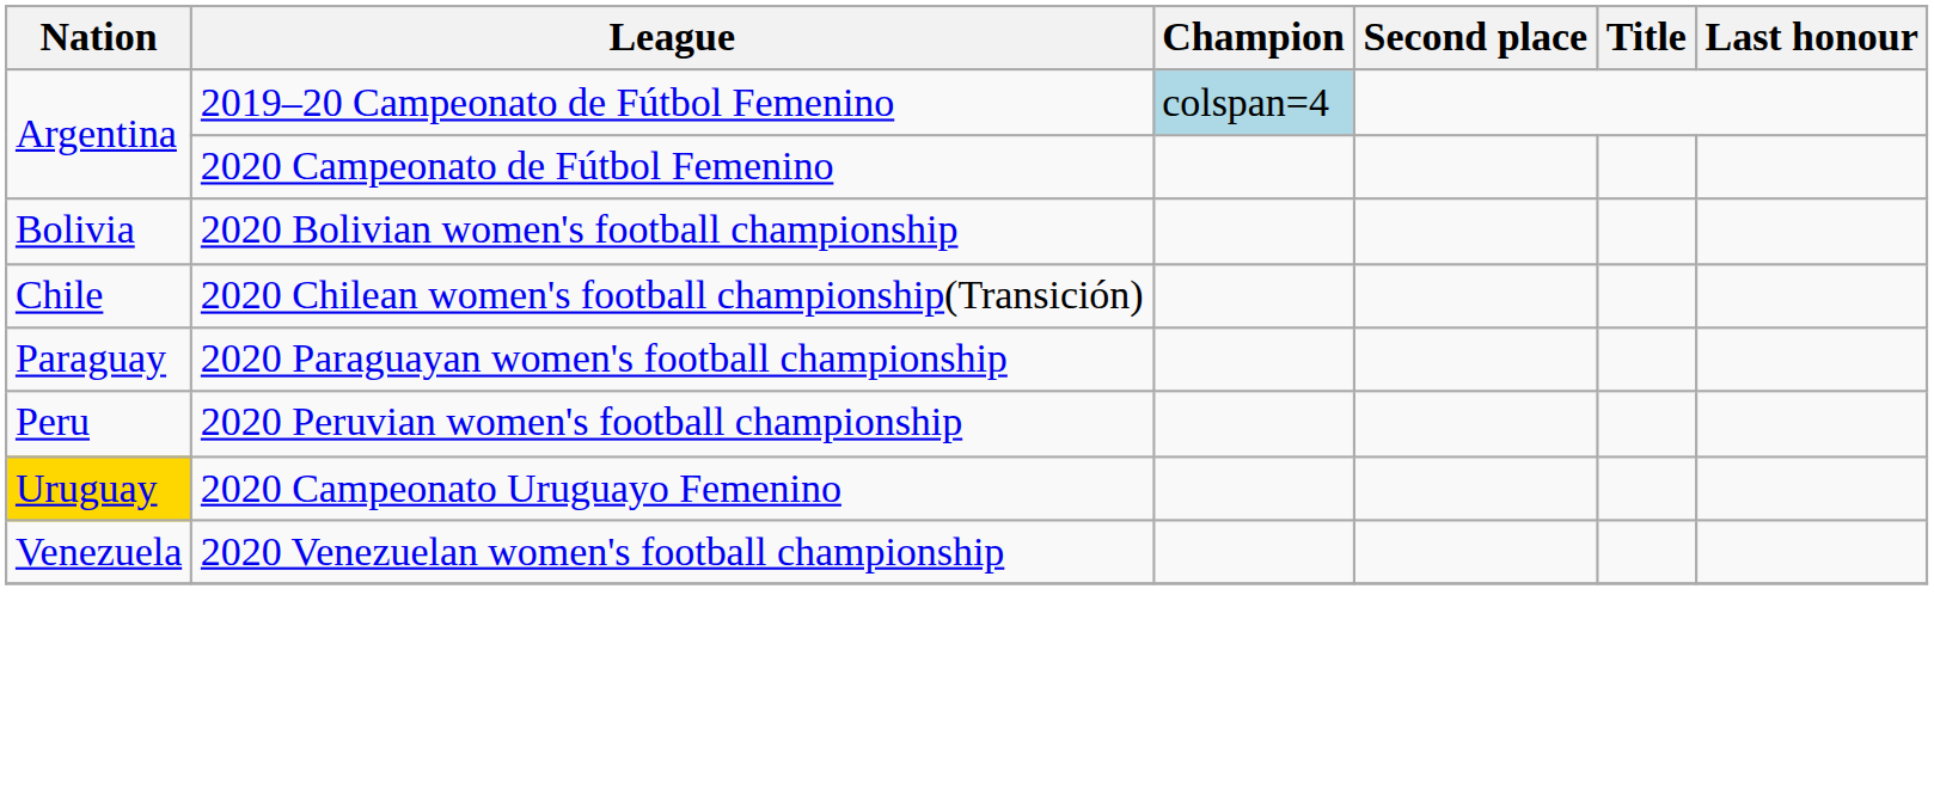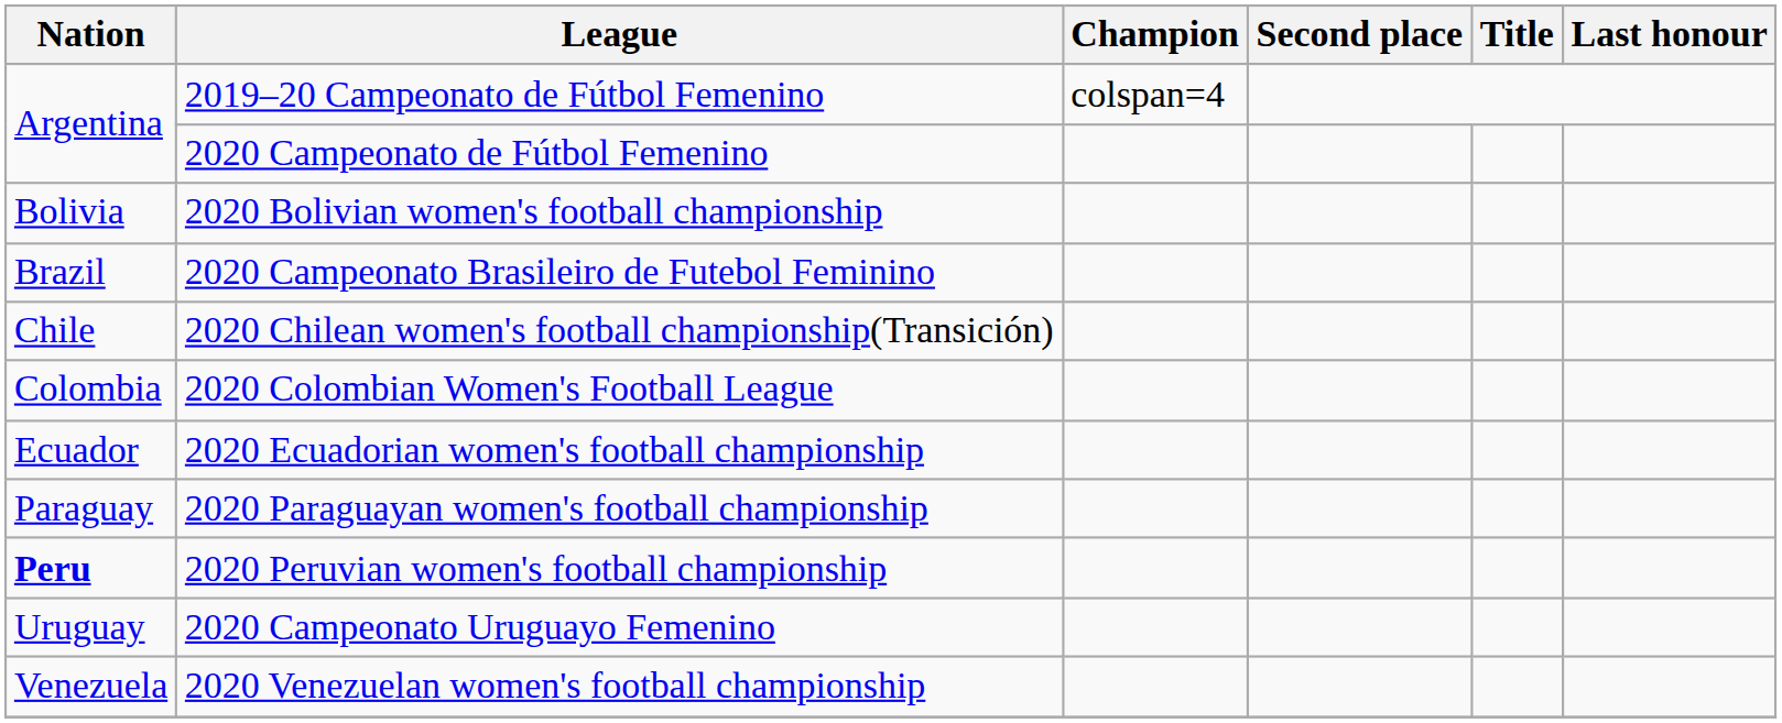 <table class="wikitable sortable">
 <tr>
 <th>Nation</th>
 <th>League</th>
 <th>Champion</th>
 <th>Second place</th>
 <th data-sort-type="number">Title</th>
 <th>Last honour</th>
 </tr>
 <tr>
 <td rowspan=2> <a href='#'>Argentina</a></td>
 <td><a href='#'>2019–20 Campeonato de Fútbol Femenino</a></td>
-<td style="background: lightblue;">colspan=4 </td>
+<td>colspan=4 </td>
 </tr>
 <tr>
 <td><a href='#'>2020 Campeonato de Fútbol Femenino</a></td>
 <td></td>
 <td></td>
 <td></td>
 <td></td>
 </tr>
 <tr>
 <td> <a href='#'>Bolivia</a></td>
 <td><a href='#'>2020 Bolivian women's football championship</a></td>
 <td></td>
 <td></td>
 <td></td>
 <td></td>
 </tr>
 <tr>
+<td> <a href='#'>Brazil</a></td>
+<td><a href='#'>2020 Campeonato Brasileiro de Futebol Feminino</a></td>
+<td></td>
+<td></td>
+<td></td>
+<td></td>
+</tr>
+<tr>
 <td> <a href='#'>Chile</a></td>
 <td><a href='#'>2020 Chilean women's football championship</a>(Transición)</td>
+<td></td>
+<td></td>
+<td></td>
+<td></td>
+</tr>
+<tr>
+<td> <a href='#'>Colombia</a></td>
+<td><a href='#'>2020 Colombian Women's Football League</a></td>
+<td></td>
+<td></td>
+<td></td>
+<td></td>
+</tr>
+<tr>
+<td> <a href='#'>Ecuador</a></td>
+<td><a href='#'>2020 Ecuadorian women's football championship</a></td>
 <td></td>
 <td></td>
 <td></td>
 <td></td>
 </tr>
 <tr>
 <td> <a href='#'>Paraguay</a></td>
 <td><a href='#'>2020 Paraguayan women's football championship</a></td>
 <td></td>
 <td></td>
 <td></td>
 <td></td>
 </tr>
 <tr>
-<td> <a href='#'>Peru</a></td>
+<td><strong> <a href='#'>Peru</a></strong></td>
 <td><a href='#'>2020 Peruvian women's football championship</a></td>
 <td></td>
 <td></td>
 <td></td>
 <td></td>
 </tr>
 <tr>
-<td style="background: gold;"> <a href='#'>Uruguay</a></td>
+<td> <a href='#'>Uruguay</a></td>
 <td><a href='#'>2020 Campeonato Uruguayo Femenino</a></td>
 <td></td>
 <td></td>
 <td></td>
 <td></td>
 </tr>
 <tr>
 <td> <a href='#'>Venezuela</a></td>
 <td><a href='#'>2020 Venezuelan women's football championship</a></td>
 <td></td>
 <td></td>
 <td></td>
 <td></td>
 </tr>
 <tr>
 </tr>
 </table>
